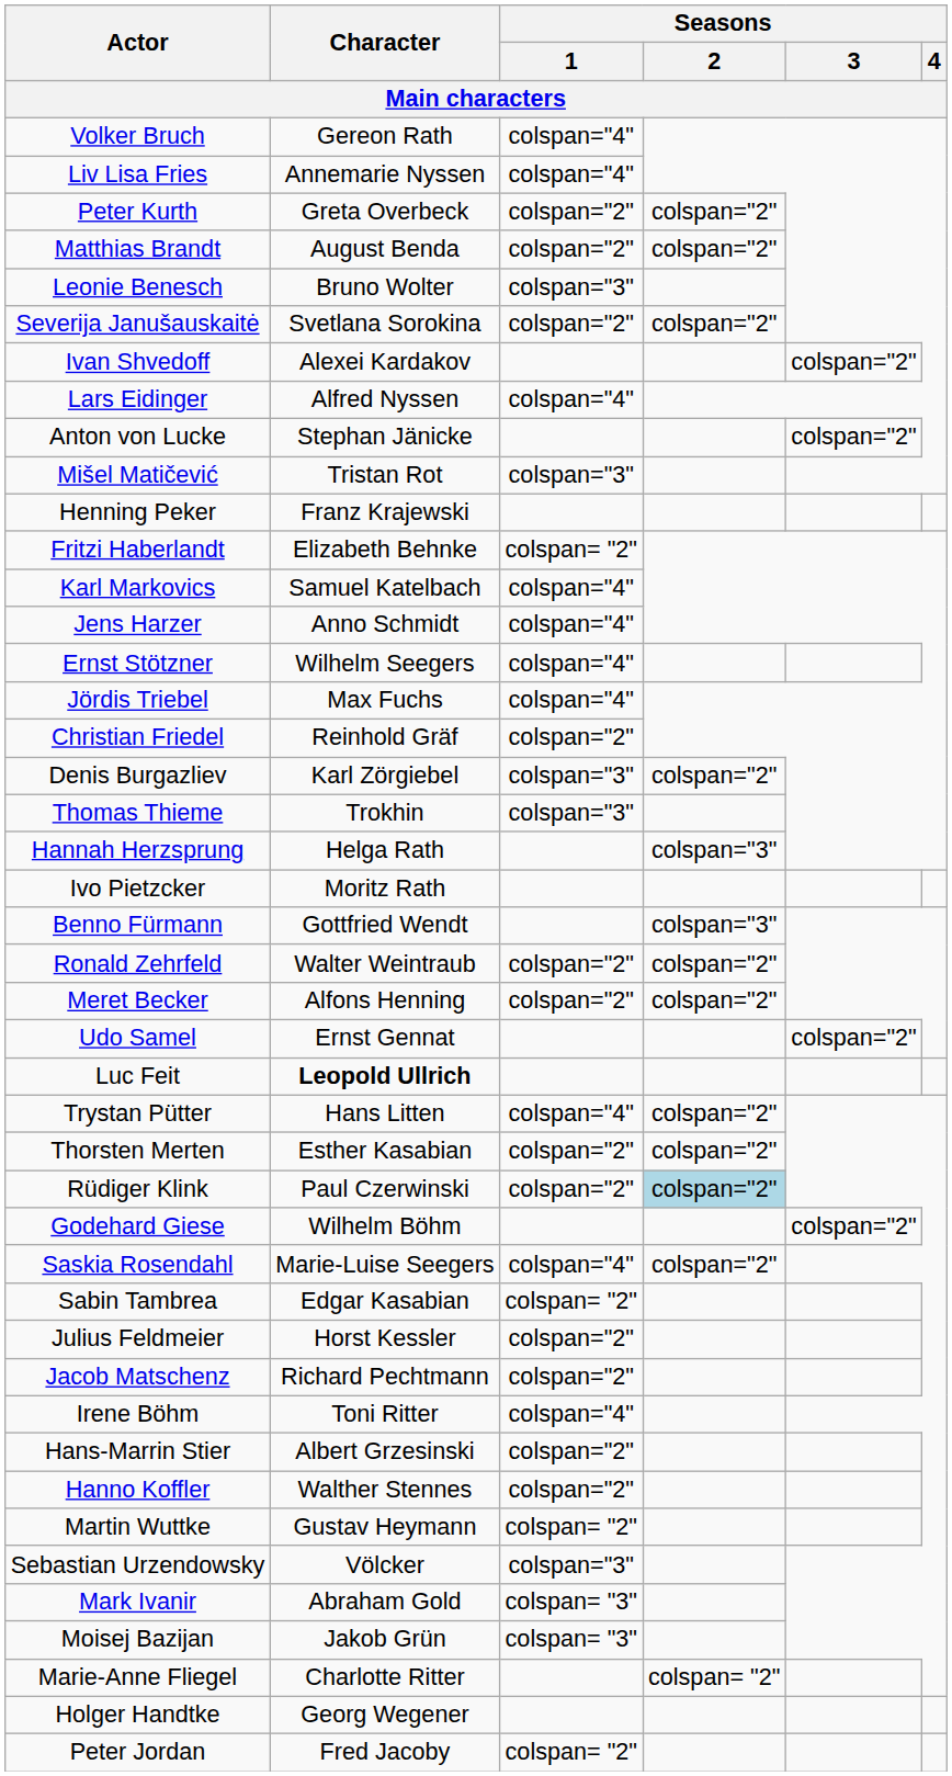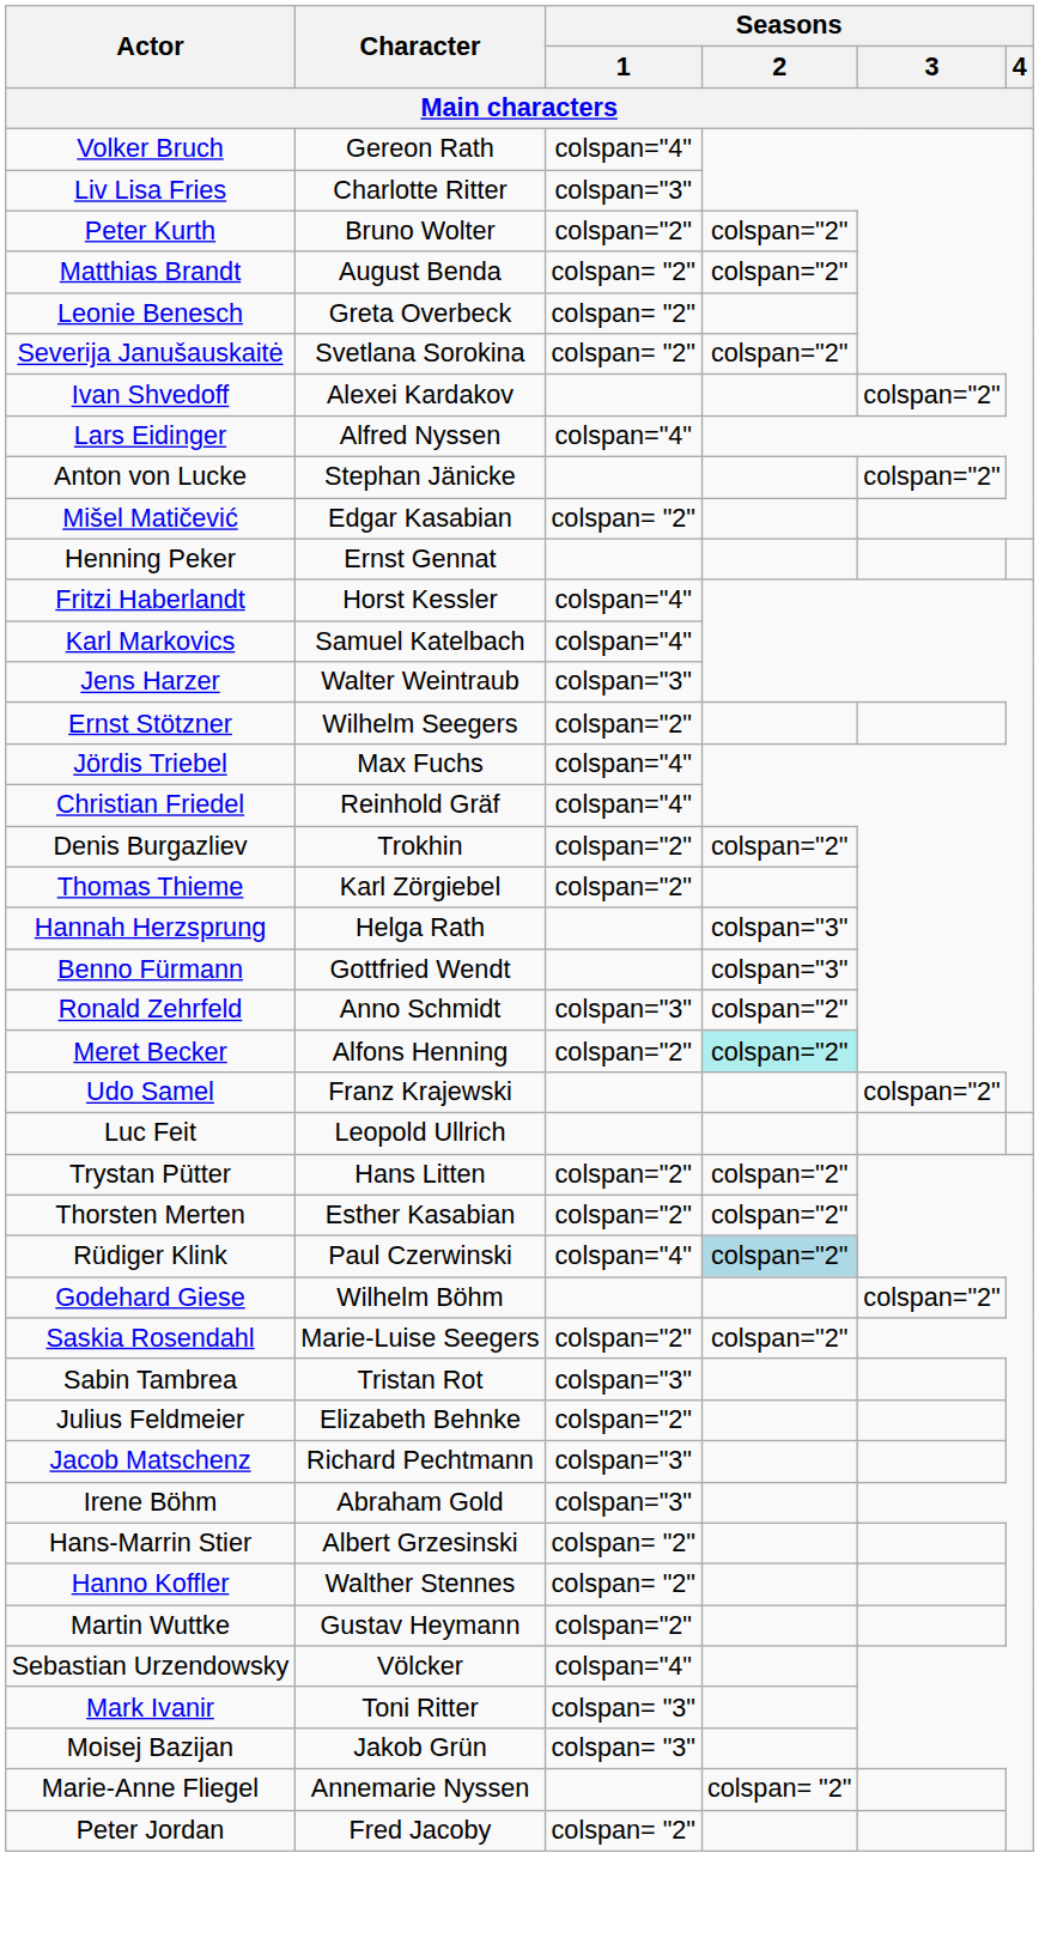 <table class="wikitable plainrowheaders" style="text-align:center">
 <tr>
 <th rowspan="2">Actor</th>
 <th rowspan="2">Character</th>
 <th colspan="4">Seasons</th>
 </tr>
 <tr>
 <th scope="col">1</th>
 <th scope="col">2</th>
 <th scope="col">3</th>
 <th scope="col">4</th>
 </tr>
 <tr>
 <th colspan=6><a href='#'>Main characters</a></th>
 </tr>
 <tr>
 <td><a href='#'>Volker Bruch</a></td>
 <td>Gereon Rath</td>
 <td>colspan="4" </td>
 </tr>
 <tr>
 <td><a href='#'>Liv Lisa Fries</a></td>
-<td>Annemarie Nyssen</td>
-<td>colspan="4" </td>
+<td>Charlotte Ritter</td>
+<td>colspan="3" </td>
 </tr>
 <tr>
 <td><a href='#'>Peter Kurth</a></td>
-<td>Greta Overbeck</td>
+<td>Bruno Wolter</td>
 <td>colspan="2" </td>
 <td>colspan="2" </td>
 </tr>
 <tr>
 <td><a href='#'>Matthias Brandt</a></td>
 <td>August Benda</td>
-<td>colspan="2" </td>
+<td>colspan= "2" </td>
 <td>colspan="2" </td>
 </tr>
 <tr>
 <td><a href='#'>Leonie Benesch</a></td>
-<td>Bruno Wolter</td>
-<td>colspan="3" </td>
+<td>Greta Overbeck</td>
+<td>colspan= "2" </td>
 <td></td>
 </tr>
 <tr>
 <td><a href='#'>Severija Janušauskaitė</a></td>
 <td>Svetlana Sorokina</td>
-<td>colspan="2" </td>
+<td>colspan= "2" </td>
 <td>colspan="2" </td>
 </tr>
 <tr>
 <td><a href='#'>Ivan Shvedoff</a></td>
 <td>Alexei Kardakov</td>
 <td></td>
 <td></td>
 <td>colspan="2" </td>
 </tr>
 <tr>
 <td><a href='#'>Lars Eidinger</a></td>
 <td>Alfred Nyssen</td>
 <td>colspan="4" </td>
 </tr>
 <tr>
 <td>Anton von Lucke</td>
 <td>Stephan Jänicke</td>
 <td></td>
 <td></td>
 <td>colspan="2" </td>
 </tr>
 <tr>
 <td><a href='#'>Mišel Matičević</a></td>
-<td>Tristan Rot</td>
-<td>colspan="3" </td>
+<td>Edgar Kasabian</td>
+<td>colspan= "2" </td>
 <td></td>
 </tr>
 <tr>
 <td>Henning Peker</td>
-<td>Franz Krajewski</td>
+<td>Ernst Gennat</td>
 <td></td>
 <td></td>
 <td></td>
 <td></td>
 </tr>
 <tr>
 <td><a href='#'>Fritzi Haberlandt</a></td>
-<td>Elizabeth Behnke</td>
-<td>colspan= "2" </td>
+<td>Horst Kessler</td>
+<td>colspan="4" </td>
 </tr>
 <tr>
 <td><a href='#'>Karl Markovics</a></td>
 <td>Samuel Katelbach</td>
 <td>colspan="4" </td>
 </tr>
 <tr>
 <td><a href='#'>Jens Harzer</a></td>
-<td>Anno Schmidt</td>
-<td>colspan="4" </td>
+<td>Walter Weintraub</td>
+<td>colspan="3" </td>
 </tr>
 <tr>
 <td><a href='#'>Ernst Stötzner</a></td>
 <td>Wilhelm Seegers</td>
-<td>colspan="4" </td>
+<td>colspan="2" </td>
 <td></td>
 <td></td>
 </tr>
 <tr>
 <td><a href='#'>Jördis Triebel</a></td>
 <td>Max Fuchs</td>
 <td>colspan="4" </td>
 </tr>
 <tr>
 <td><a href='#'>Christian Friedel</a></td>
 <td>Reinhold Gräf</td>
-<td>colspan="2" </td>
+<td>colspan="4" </td>
 </tr>
 <tr>
 <td>Denis Burgazliev</td>
-<td>Karl Zörgiebel</td>
-<td>colspan="3" </td>
+<td>Trokhin</td>
+<td>colspan="2" </td>
 <td>colspan="2" </td>
 </tr>
 <tr>
 <td><a href='#'>Thomas Thieme</a></td>
-<td>Trokhin</td>
-<td>colspan="3" </td>
+<td>Karl Zörgiebel</td>
+<td>colspan="2" </td>
 <td></td>
 </tr>
 <tr>
 <td><a href='#'>Hannah Herzsprung</a></td>
 <td>Helga Rath</td>
 <td></td>
 <td>colspan="3" </td>
 </tr>
 <tr>
-<td>Ivo Pietzcker</td>
-<td>Moritz Rath</td>
-<td></td>
-<td></td>
-<td></td>
-<td></td>
-</tr>
-<tr>
 <td><a href='#'>Benno Fürmann</a></td>
 <td>Gottfried Wendt</td>
 <td></td>
 <td>colspan="3" </td>
 </tr>
 <tr>
 <td><a href='#'>Ronald Zehrfeld</a></td>
-<td>Walter Weintraub</td>
-<td>colspan="2" </td>
+<td>Anno Schmidt</td>
+<td>colspan="3" </td>
 <td>colspan="2" </td>
 </tr>
 <tr>
 <td><a href='#'>Meret Becker</a></td>
 <td>Alfons Henning</td>
 <td>colspan="2" </td>
-<td>colspan="2" </td>
+<td style="background: paleturquoise;">colspan="2" </td>
 </tr>
 <tr>
 <td><a href='#'>Udo Samel</a></td>
-<td>Ernst Gennat</td>
+<td>Franz Krajewski</td>
 <td></td>
 <td></td>
 <td>colspan="2" </td>
 </tr>
 <tr>
 <td>Luc Feit</td>
-<td><strong>Leopold Ullrich</strong></td>
+<td>Leopold Ullrich</td>
 <td></td>
 <td></td>
 <td></td>
 <td></td>
 </tr>
 <tr>
 <td>Trystan Pütter</td>
 <td>Hans Litten</td>
-<td>colspan="4" </td>
+<td>colspan="2" </td>
 <td>colspan="2" </td>
 </tr>
 <tr>
 <td>Thorsten Merten</td>
 <td>Esther Kasabian</td>
 <td>colspan="2" </td>
 <td>colspan="2" </td>
 </tr>
 <tr>
 <td>Rüdiger Klink</td>
 <td>Paul Czerwinski</td>
-<td>colspan="2" </td>
+<td>colspan="4" </td>
 <td style="background: lightblue;">colspan="2" </td>
 </tr>
 <tr>
 <td><a href='#'>Godehard Giese</a></td>
 <td>Wilhelm Böhm</td>
 <td></td>
 <td></td>
 <td>colspan="2" </td>
 </tr>
 <tr>
 <td><a href='#'>Saskia Rosendahl</a></td>
 <td>Marie-Luise Seegers</td>
-<td>colspan="4" </td>
+<td>colspan="2" </td>
 <td>colspan="2" </td>
 </tr>
 <tr>
 <td>Sabin Tambrea</td>
-<td>Edgar Kasabian</td>
-<td>colspan= "2" </td>
+<td>Tristan Rot</td>
+<td>colspan="3" </td>
 <td></td>
 <td></td>
 </tr>
 <tr>
 <td>Julius Feldmeier</td>
-<td>Horst Kessler</td>
+<td>Elizabeth Behnke</td>
 <td>colspan="2" </td>
 <td></td>
 <td></td>
 </tr>
 <tr>
 <td><a href='#'>Jacob Matschenz</a></td>
 <td>Richard Pechtmann</td>
-<td>colspan="2" </td>
+<td>colspan="3" </td>
 <td></td>
 <td></td>
 </tr>
 <tr>
 <td>Irene Böhm</td>
-<td>Toni Ritter</td>
-<td>colspan="4" </td>
+<td>Abraham Gold</td>
+<td>colspan="3" </td>
 <td></td>
 </tr>
 <tr>
 <td>Hans-Marrin Stier</td>
 <td>Albert Grzesinski</td>
-<td>colspan="2" </td>
+<td>colspan= "2" </td>
 <td></td>
 <td></td>
 </tr>
 <tr>
 <td><a href='#'>Hanno Koffler</a></td>
 <td>Walther Stennes</td>
-<td>colspan="2" </td>
+<td>colspan= "2" </td>
 <td></td>
 <td></td>
 </tr>
 <tr>
 <td>Martin Wuttke</td>
 <td>Gustav Heymann</td>
-<td>colspan= "2" </td>
+<td>colspan="2" </td>
 <td></td>
 <td></td>
 </tr>
 <tr>
 <td>Sebastian Urzendowsky</td>
 <td>Völcker</td>
-<td>colspan="3" </td>
+<td>colspan="4" </td>
 <td></td>
 </tr>
 <tr>
 <td><a href='#'>Mark Ivanir</a></td>
-<td>Abraham Gold</td>
+<td>Toni Ritter</td>
 <td>colspan= "3" </td>
 <td></td>
 </tr>
 <tr>
 <td>Moisej Bazijan</td>
 <td>Jakob Grün</td>
 <td>colspan= "3" </td>
 <td></td>
 </tr>
 <tr>
 <td>Marie-Anne Fliegel</td>
-<td>Charlotte Ritter</td>
+<td>Annemarie Nyssen</td>
 <td></td>
 <td>colspan= "2" </td>
-<td></td>
-</tr>
-<tr>
-<td>Holger Handtke</td>
-<td>Georg Wegener</td>
-<td></td>
-<td></td>
-<td></td>
 <td></td>
 </tr>
 <tr>
 <td>Peter Jordan</td>
 <td>Fred Jacoby</td>
 <td>colspan= "2" </td>
 <td></td>
 <td></td>
 </tr>
 </table>
